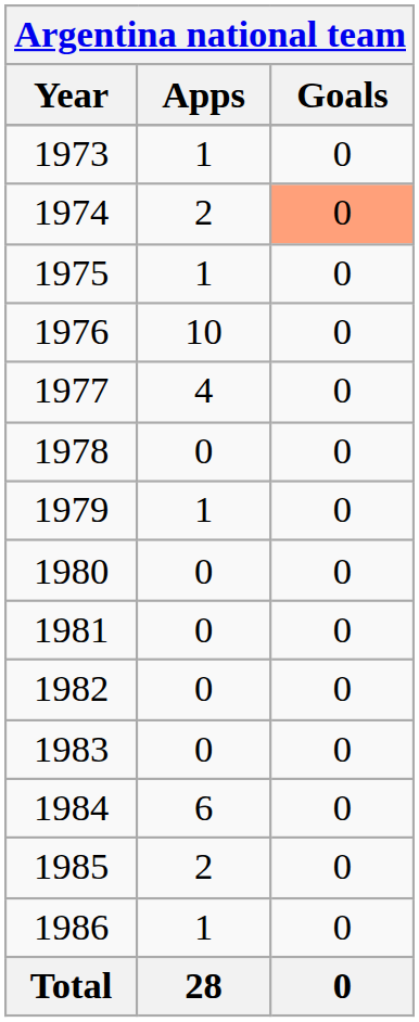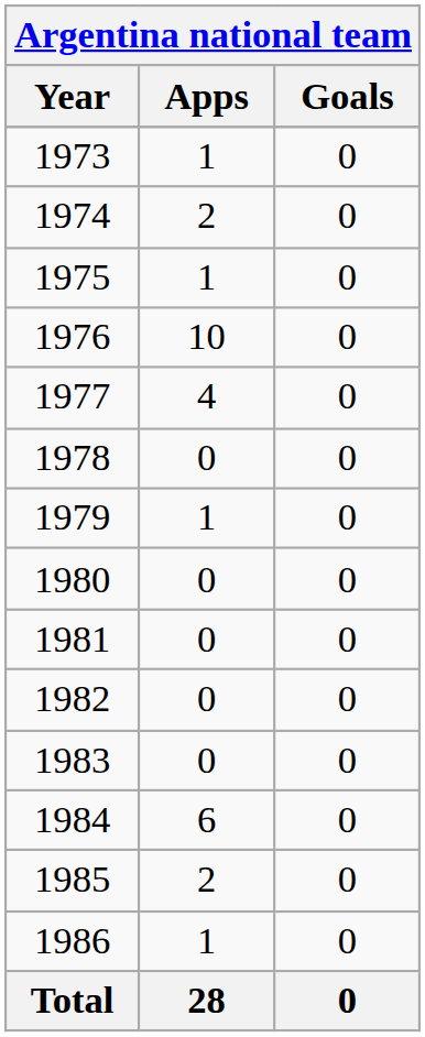 <table class="wikitable" style="text-align:center">
 <tr>
 <th colspan=3><a href='#'>Argentina national team</a></th>
 </tr>
 <tr>
 <th>Year</th>
 <th>Apps</th>
 <th>Goals</th>
 </tr>
 <tr>
 </tr>
 <tr>
 <td>1973</td>
 <td>1</td>
 <td>0</td>
 </tr>
 <tr>
 <td>1974</td>
 <td>2</td>
-<td style="background: lightsalmon;">0</td>
+<td>0</td>
 </tr>
 <tr>
 <td>1975</td>
 <td>1</td>
 <td>0</td>
 </tr>
 <tr>
 <td>1976</td>
 <td>10</td>
 <td>0</td>
 </tr>
 <tr>
 <td>1977</td>
 <td>4</td>
 <td>0</td>
 </tr>
 <tr>
 <td>1978</td>
 <td>0</td>
 <td>0</td>
 </tr>
 <tr>
 <td>1979</td>
 <td>1</td>
 <td>0</td>
 </tr>
 <tr>
 <td>1980</td>
 <td>0</td>
 <td>0</td>
 </tr>
 <tr>
 <td>1981</td>
 <td>0</td>
 <td>0</td>
 </tr>
 <tr>
 <td>1982</td>
 <td>0</td>
 <td>0</td>
 </tr>
 <tr>
 <td>1983</td>
 <td>0</td>
 <td>0</td>
 </tr>
 <tr>
 <td>1984</td>
 <td>6</td>
 <td>0</td>
 </tr>
 <tr>
 <td>1985</td>
 <td>2</td>
 <td>0</td>
 </tr>
 <tr>
 <td>1986</td>
 <td>1</td>
 <td>0</td>
 </tr>
 <tr>
 <th>Total</th>
 <th>28</th>
 <th>0</th>
 </tr>
 </table>
